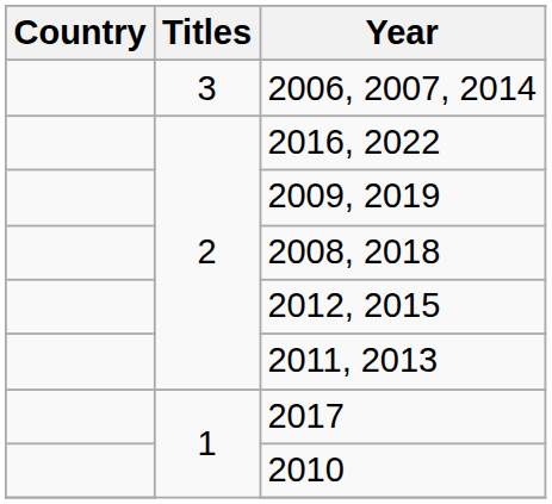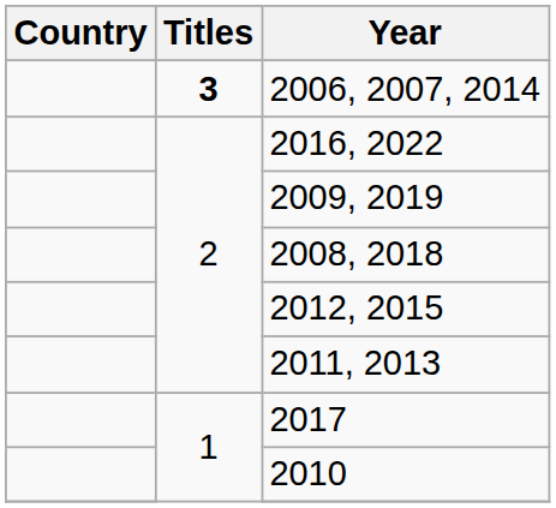 <table class="wikitable">
 <tr>
 <th>Country</th>
 <th>Titles</th>
 <th>Year</th>
 </tr>
 <tr>
 <td></td>
-<td align=center rowspan=1>3</td>
+<td align=center rowspan=1><strong>3</strong></td>
 <td>2006, 2007, 2014</td>
 </tr>
 <tr>
 <td></td>
 <td align=center rowspan=5>2</td>
 <td>2016, 2022</td>
 </tr>
 <tr>
 <td></td>
 <td>2009, 2019</td>
 </tr>
 <tr>
 <td></td>
 <td>2008, 2018</td>
 </tr>
 <tr>
 <td></td>
 <td>2012, 2015</td>
 </tr>
 <tr>
 <td></td>
 <td>2011, 2013</td>
 </tr>
 <tr>
 <td></td>
 <td align=center rowspan=5>1</td>
 <td>2017</td>
 </tr>
 <tr>
 <td></td>
 <td>2010</td>
 </tr>
 <tr>
 </tr>
 </table>
